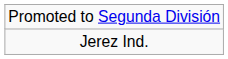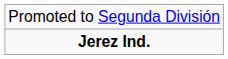 <table class="wikitable" style="text-align: center; margin: 0 auto;">
 <tr>
 <td>Promoted to <a href='#'>Segunda División</a></td>
 </tr>
 <tr>
-<td>Jerez Ind.</td>
+<td><strong>Jerez Ind.</strong></td>
 </tr>
 </table>
